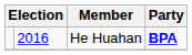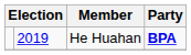 <table class="wikitable">
 <tr>
 <th colspan="2">Election</th>
 <th>Member</th>
 <th>Party</th>
 </tr>
 <tr>
 <td style="color:inherit;background:"></td>
-<td><a href='#'>2016</a></td>
+<td><a href='#'>2019</a></td>
 <td>He Huahan</td>
 <td><strong><a href='#'>BPA</a></strong></td>
 </tr>
 <tr>
 </tr>
 </table>
